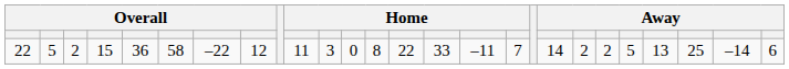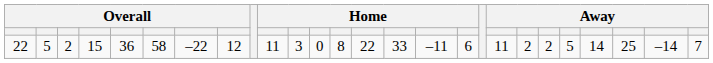 <table class="wikitable" style="text-align: center; width:60%">
 <tr>
 <th colspan="8">Overall</th>
 <th rowspan="3" width="1%"></th>
 <th colspan="8">Home</th>
 <th rowspan="3" width="1%"></th>
 <th colspan="8">Away</th>
 </tr>
 <tr>
 <th></th>
 <th></th>
 <th></th>
 <th></th>
 <th></th>
 <th></th>
 <th></th>
 <th></th>
 <th></th>
 <th></th>
 <th></th>
 <th></th>
 <th></th>
 <th></th>
 <th></th>
 <th></th>
 <th></th>
 <th></th>
 <th></th>
 <th></th>
 <th></th>
 <th></th>
 <th></th>
 <th></th>
 </tr>
 <tr>
 <td>22</td>
 <td>5</td>
 <td>2</td>
 <td>15</td>
 <td>36</td>
 <td>58</td>
 <td>–22</td>
 <td>12</td>
 <td>11</td>
 <td>3</td>
 <td>0</td>
 <td>8</td>
 <td>22</td>
 <td>33</td>
 <td>–11</td>
-<td>7</td>
-<td>14</td>
+<td>6</td>
+<td>11</td>
 <td>2</td>
 <td>2</td>
 <td>5</td>
-<td>13</td>
+<td>14</td>
 <td>25</td>
 <td>–14</td>
-<td>6</td>
+<td>7</td>
 </tr>
 </table>
